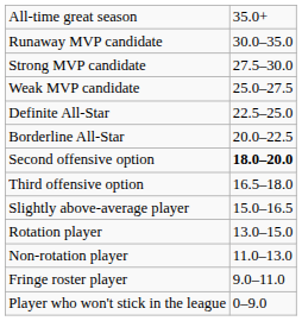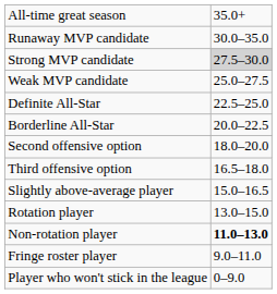 <table class="wikitable">
 <tr>
 <td>All-time great season</td>
 <td>35.0+</td>
 </tr>
 <tr>
 <td>Runaway MVP candidate</td>
 <td>30.0–35.0</td>
 </tr>
 <tr>
 <td>Strong MVP candidate</td>
-<td>27.5–30.0</td>
+<td style="background: lightgrey;">27.5–30.0</td>
 </tr>
 <tr>
 <td>Weak MVP candidate</td>
 <td>25.0–27.5</td>
 </tr>
 <tr>
 <td>Definite All-Star</td>
 <td>22.5–25.0</td>
 </tr>
 <tr>
 <td>Borderline All-Star</td>
 <td>20.0–22.5</td>
 </tr>
 <tr>
 <td>Second offensive option</td>
-<td><strong>18.0–20.0</strong></td>
+<td>18.0–20.0</td>
 </tr>
 <tr>
 <td>Third offensive option</td>
 <td>16.5–18.0</td>
 </tr>
 <tr>
 <td>Slightly above-average player</td>
 <td>15.0–16.5</td>
 </tr>
 <tr>
 <td>Rotation player</td>
 <td>13.0–15.0</td>
 </tr>
 <tr>
 <td>Non-rotation player</td>
-<td>11.0–13.0</td>
+<td><strong>11.0–13.0</strong></td>
 </tr>
 <tr>
 <td>Fringe roster player</td>
 <td>9.0–11.0</td>
 </tr>
 <tr>
 <td>Player who won't stick in the league</td>
 <td>0–9.0</td>
 </tr>
 </table>
